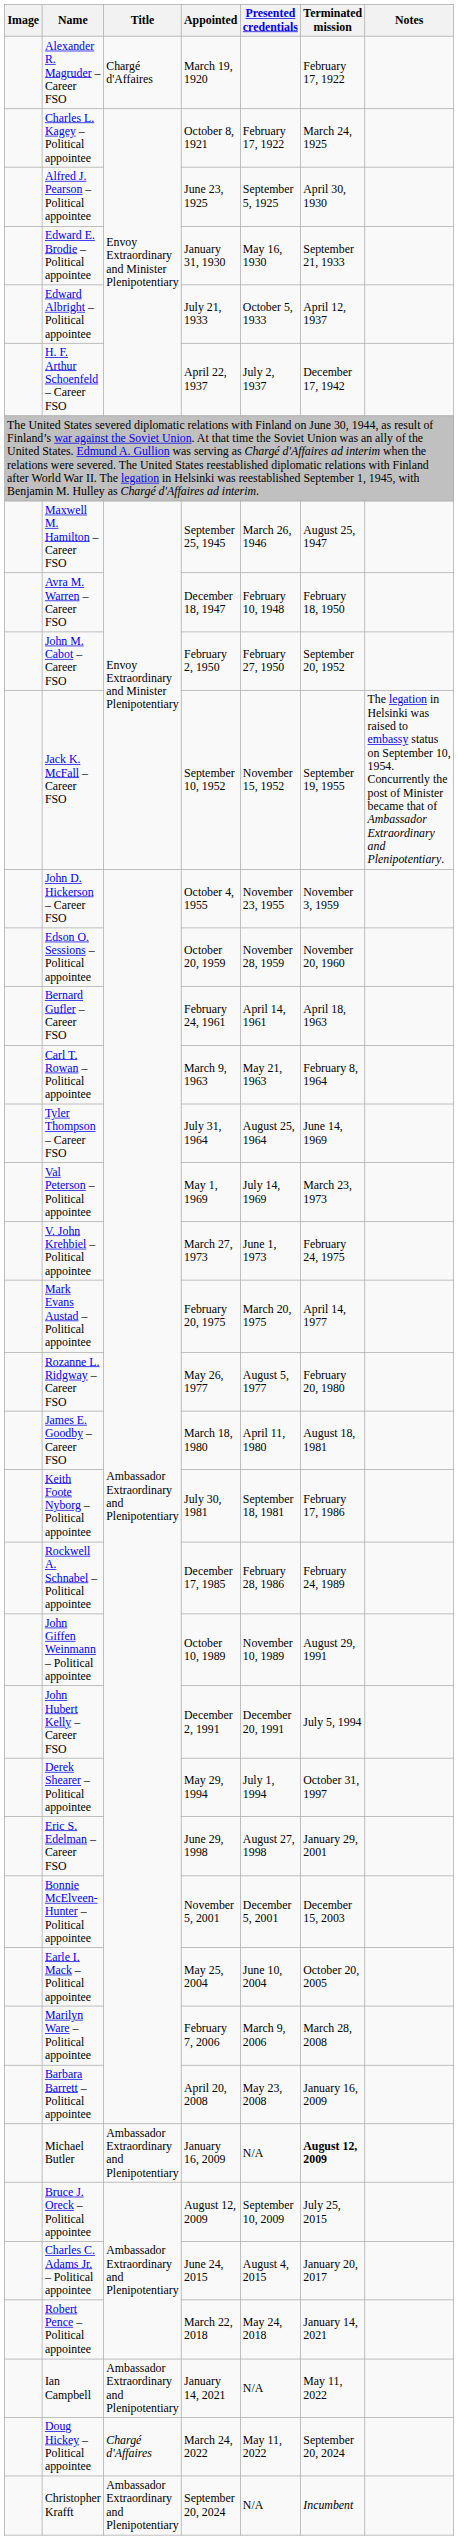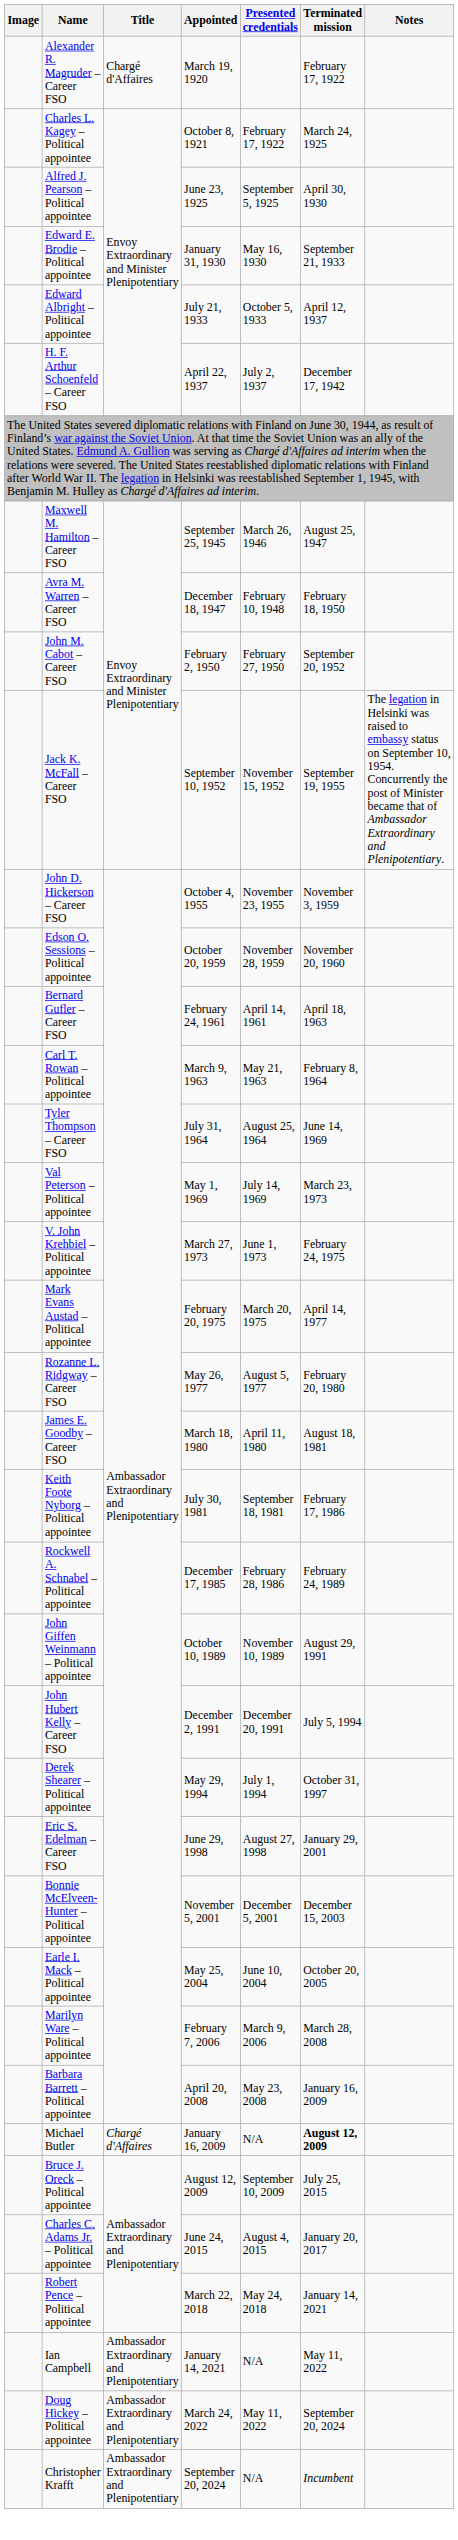 <table class="wikitable">
 <tr>
 <th style="width: 60px;">Image</th>
 <th>Name</th>
 <th>Title</th>
 <th>Appointed</th>
 <th><a href='#'>Presented credentials</a></th>
 <th>Terminated mission</th>
 <th style="width: 250px;">Notes</th>
 </tr>
 <tr>
 <td></td>
 <td><a href='#'>Alexander R. Magruder</a> – Career FSO</td>
 <td>Chargé d'Affaires</td>
 <td>March 19, 1920</td>
 <td></td>
 <td>February 17, 1922</td>
 <td></td>
 </tr>
 <tr>
 <td></td>
 <td><a href='#'>Charles L. Kagey</a> – Political appointee</td>
 <td rowspan="5">Envoy Extraordinary and Minister Plenipotentiary</td>
 <td>October 8, 1921</td>
 <td>February 17, 1922</td>
 <td>March 24, 1925</td>
 <td></td>
 </tr>
 <tr>
 <td></td>
 <td><a href='#'>Alfred J. Pearson</a> – Political appointee</td>
 <td>June 23, 1925</td>
 <td>September 5, 1925</td>
 <td>April 30, 1930</td>
 <td></td>
 </tr>
 <tr>
 <td></td>
 <td><a href='#'>Edward E. Brodie</a> – Political appointee</td>
 <td>January 31, 1930</td>
 <td>May 16, 1930</td>
 <td>September 21, 1933</td>
 <td></td>
 </tr>
 <tr>
 <td></td>
 <td><a href='#'>Edward Albright</a> – Political appointee</td>
 <td>July 21, 1933</td>
 <td>October 5, 1933</td>
 <td>April 12, 1937</td>
 <td></td>
 </tr>
 <tr>
 <td></td>
 <td><a href='#'>H. F. Arthur Schoenfeld</a> – Career FSO</td>
 <td>April 22, 1937</td>
 <td>July 2, 1937</td>
 <td>December 17, 1942</td>
 <td></td>
 </tr>
 <tr>
 <td colspan="7" style="background: silver;">The United States severed diplomatic relations with Finland on June 30, 1944, as result of Finland’s <a href='#'>war against the Soviet Union</a>. At that time the Soviet Union was an ally of the United States. <a href='#'>Edmund A. Gullion</a> was serving as <em>Chargé d'Affaires ad interim</em> when the relations were severed.    The United States reestablished diplomatic relations with Finland after World War II. The <a href='#'>legation</a> in Helsinki was reestablished September 1, 1945, with Benjamin M. Hulley as <em>Chargé d'Affaires ad interim</em>.</td>
 </tr>
 <tr>
 <td></td>
 <td><a href='#'>Maxwell M. Hamilton</a> – Career FSO</td>
 <td rowspan="4">Envoy Extraordinary and Minister Plenipotentiary</td>
 <td>September 25, 1945</td>
 <td>March 26, 1946</td>
 <td>August 25, 1947</td>
 <td></td>
 </tr>
 <tr>
 <td></td>
 <td><a href='#'>Avra M. Warren</a> – Career FSO</td>
 <td>December 18, 1947</td>
 <td>February 10, 1948</td>
 <td>February 18, 1950</td>
 <td></td>
 </tr>
 <tr>
 <td></td>
 <td><a href='#'>John M. Cabot</a> – Career FSO</td>
 <td>February 2, 1950</td>
 <td>February 27, 1950</td>
 <td>September 20, 1952</td>
 <td></td>
 </tr>
 <tr>
 <td></td>
 <td><a href='#'>Jack K. McFall</a> – Career FSO</td>
 <td>September 10, 1952</td>
 <td>November 15, 1952</td>
 <td>September 19, 1955</td>
 <td>The <a href='#'>legation</a> in Helsinki was raised to <a href='#'>embassy</a> status on September 10, 1954. Concurrently the post of Minister became that of <em>Ambassador Extraordinary and Plenipotentiary</em>.</td>
 </tr>
 <tr>
 <td></td>
 <td><a href='#'>John D. Hickerson</a> – Career FSO</td>
 <td rowspan="20">Ambassador Extraordinary and Plenipotentiary</td>
 <td>October 4, 1955</td>
 <td>November 23, 1955</td>
 <td>November 3, 1959</td>
 <td></td>
 </tr>
 <tr>
 <td></td>
 <td><a href='#'>Edson O. Sessions</a> – Political appointee</td>
 <td>October 20, 1959</td>
 <td>November 28, 1959</td>
 <td>November 20, 1960</td>
 <td></td>
 </tr>
 <tr>
 <td></td>
 <td><a href='#'>Bernard Gufler</a> – Career FSO</td>
 <td>February 24, 1961</td>
 <td>April 14, 1961</td>
 <td>April 18, 1963</td>
 <td></td>
 </tr>
 <tr>
 <td></td>
 <td><a href='#'>Carl T. Rowan</a> – Political appointee</td>
 <td>March 9, 1963</td>
 <td>May 21, 1963</td>
 <td>February 8, 1964</td>
 <td></td>
 </tr>
 <tr>
 <td></td>
 <td><a href='#'>Tyler Thompson</a> – Career FSO</td>
 <td>July 31, 1964</td>
 <td>August 25, 1964</td>
 <td>June 14, 1969</td>
 <td></td>
 </tr>
 <tr>
 <td></td>
 <td><a href='#'>Val Peterson</a> – Political appointee</td>
 <td>May 1, 1969</td>
 <td>July 14, 1969</td>
 <td>March 23, 1973</td>
 <td></td>
 </tr>
 <tr>
 <td></td>
 <td><a href='#'>V. John Krehbiel</a> – Political appointee</td>
 <td>March 27, 1973</td>
 <td>June 1, 1973</td>
 <td>February 24, 1975</td>
 <td></td>
 </tr>
 <tr>
 <td></td>
 <td><a href='#'>Mark Evans Austad</a> – Political appointee</td>
 <td>February 20, 1975</td>
 <td>March 20, 1975</td>
 <td>April 14, 1977</td>
 <td></td>
 </tr>
 <tr>
 <td></td>
 <td><a href='#'>Rozanne L. Ridgway</a> – Career FSO</td>
 <td>May 26, 1977</td>
 <td>August 5, 1977</td>
 <td>February 20, 1980</td>
 <td></td>
 </tr>
 <tr>
 <td></td>
 <td><a href='#'>James E. Goodby</a> – Career FSO</td>
 <td>March 18, 1980</td>
 <td>April 11, 1980</td>
 <td>August 18, 1981</td>
 <td></td>
 </tr>
 <tr>
 <td></td>
 <td><a href='#'>Keith Foote Nyborg</a> – Political appointee</td>
 <td>July 30, 1981</td>
 <td>September 18, 1981</td>
 <td>February 17, 1986</td>
 <td></td>
 </tr>
 <tr>
 <td></td>
 <td><a href='#'>Rockwell A. Schnabel</a> – Political appointee</td>
 <td>December 17, 1985</td>
 <td>February 28, 1986</td>
 <td>February 24, 1989</td>
 <td></td>
 </tr>
 <tr>
 <td></td>
 <td><a href='#'>John Giffen Weinmann</a> – Political appointee</td>
 <td>October 10, 1989</td>
 <td>November 10, 1989</td>
 <td>August 29, 1991</td>
 <td></td>
 </tr>
 <tr>
 <td></td>
 <td><a href='#'>John Hubert Kelly</a> – Career FSO</td>
 <td>December 2, 1991</td>
 <td>December 20, 1991</td>
 <td>July 5, 1994</td>
 <td></td>
 </tr>
 <tr>
 <td></td>
 <td><a href='#'>Derek Shearer</a> – Political appointee</td>
 <td>May 29, 1994</td>
 <td>July 1, 1994</td>
 <td>October 31, 1997</td>
 <td></td>
 </tr>
 <tr>
 <td></td>
 <td><a href='#'>Eric S. Edelman</a> – Career FSO</td>
 <td>June 29, 1998</td>
 <td>August 27, 1998</td>
 <td>January 29, 2001</td>
 <td></td>
 </tr>
 <tr>
 <td></td>
 <td><a href='#'>Bonnie McElveen-Hunter</a> – Political appointee</td>
 <td>November 5, 2001</td>
 <td>December 5, 2001</td>
 <td>December 15, 2003</td>
 <td></td>
 </tr>
 <tr>
 <td></td>
 <td><a href='#'>Earle I. Mack</a> – Political appointee</td>
 <td>May 25, 2004</td>
 <td>June 10, 2004</td>
 <td>October 20, 2005</td>
 <td></td>
 </tr>
 <tr>
 <td></td>
 <td><a href='#'>Marilyn Ware</a> – Political appointee</td>
 <td>February 7, 2006</td>
 <td>March 9, 2006</td>
 <td>March 28, 2008</td>
 <td></td>
 </tr>
 <tr>
 <td></td>
 <td><a href='#'>Barbara Barrett</a> – Political appointee</td>
 <td>April 20, 2008</td>
 <td>May 23, 2008</td>
 <td>January 16, 2009</td>
 <td></td>
 </tr>
 <tr>
 <td></td>
 <td>Michael Butler</td>
-<td>Ambassador Extraordinary and Plenipotentiary</td>
+<td><em>Chargé d'Affaires</em></td>
 <td>January 16, 2009</td>
 <td>N/A</td>
 <td><strong>August 12, 2009</strong></td>
 <td></td>
 </tr>
 <tr>
 <td></td>
 <td><a href='#'>Bruce J. Oreck</a> – Political appointee</td>
 <td rowspan="3">Ambassador Extraordinary and Plenipotentiary</td>
 <td>August 12, 2009</td>
 <td>September 10, 2009</td>
 <td>July 25, 2015</td>
 <td></td>
 </tr>
 <tr>
 <td></td>
 <td><a href='#'>Charles C. Adams Jr.</a> – Political appointee</td>
 <td>June 24, 2015</td>
 <td>August 4, 2015</td>
 <td>January 20, 2017</td>
 <td></td>
 </tr>
 <tr>
 <td></td>
 <td><a href='#'>Robert Pence</a> – Political appointee</td>
 <td>March 22, 2018</td>
 <td>May 24, 2018</td>
 <td>January 14, 2021</td>
 <td></td>
 </tr>
 <tr>
 <td></td>
 <td>Ian Campbell</td>
 <td>Ambassador Extraordinary and Plenipotentiary</td>
 <td>January 14, 2021</td>
 <td>N/A</td>
 <td>May 11, 2022</td>
 <td></td>
 </tr>
 <tr>
 <td></td>
 <td><a href='#'>Doug Hickey</a> – Political appointee</td>
-<td><em>Chargé d'Affaires</em></td>
+<td>Ambassador Extraordinary and Plenipotentiary</td>
 <td>March 24, 2022</td>
 <td>May 11, 2022</td>
 <td>September 20, 2024</td>
 <td></td>
 </tr>
 <tr>
 <td></td>
 <td>Christopher Krafft</td>
 <td>Ambassador Extraordinary and Plenipotentiary</td>
 <td>September 20, 2024</td>
 <td>N/A</td>
 <td><em>Incumbent</em></td>
 <td></td>
 </tr>
 </table>
